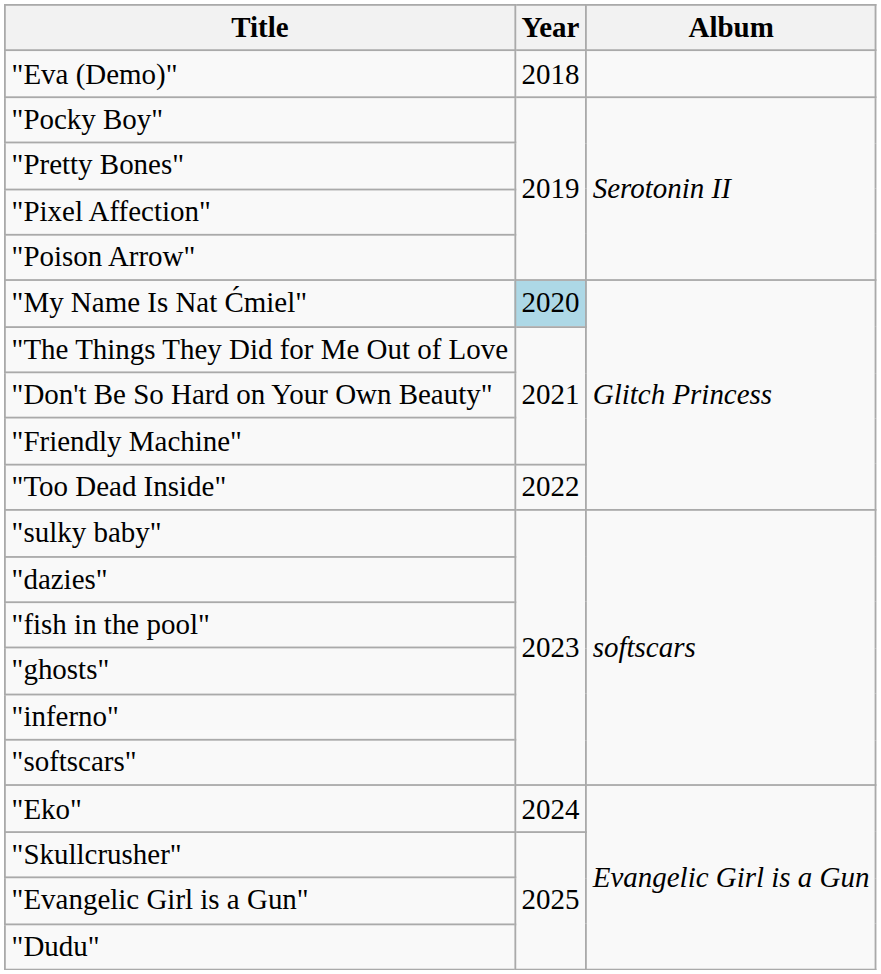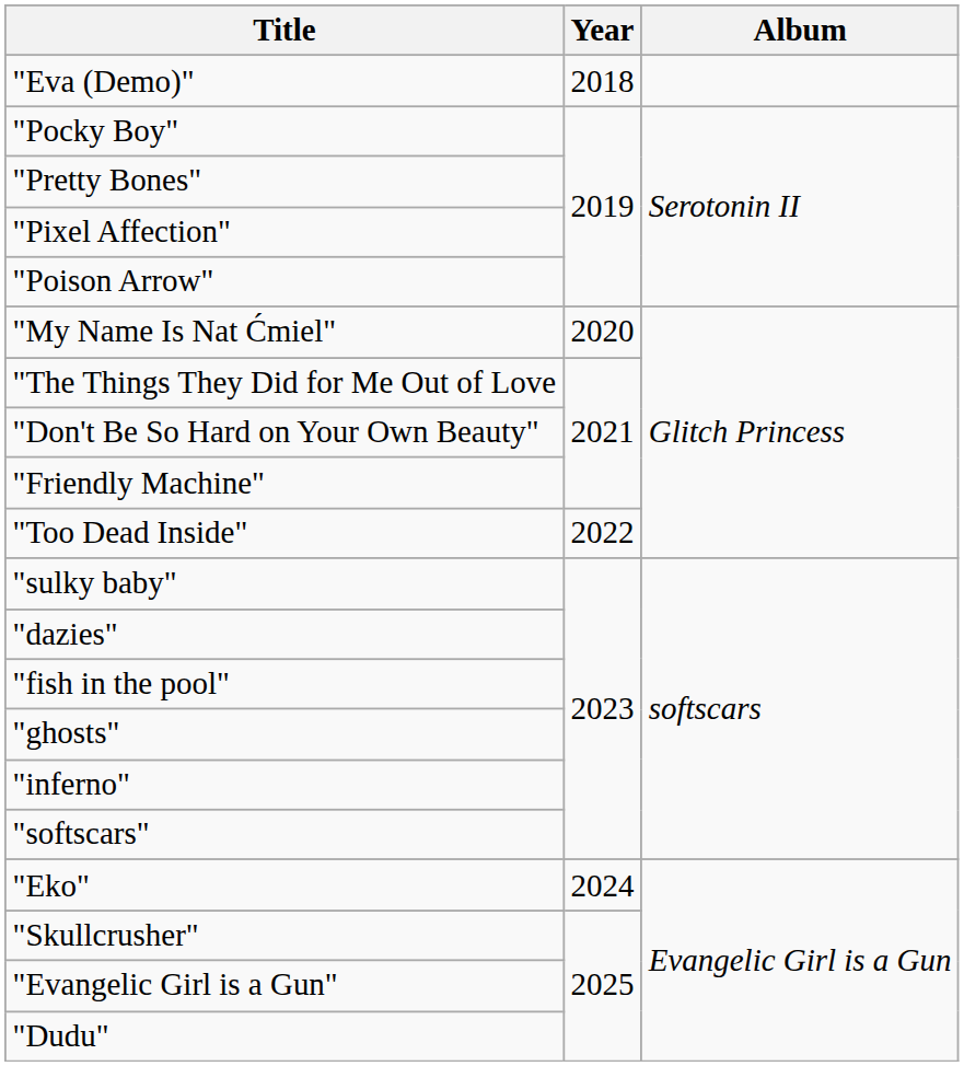 <table class="wikitable">
 <tr>
 <th>Title</th>
 <th>Year</th>
 <th>Album</th>
 </tr>
 <tr>
 <td>"Eva (Demo)"</td>
 <td>2018</td>
 <td></td>
 </tr>
 <tr>
 <td>"Pocky Boy"</td>
 <td rowspan="4">2019</td>
 <td rowspan="4"><em>Serotonin II</em></td>
 </tr>
 <tr>
 <td>"Pretty Bones"</td>
 </tr>
 <tr>
 <td>"Pixel Affection"</td>
 </tr>
 <tr>
 <td>"Poison Arrow"</td>
 </tr>
 <tr>
 <td>"My Name Is Nat Ćmiel"</td>
-<td style="background: lightblue;">2020</td>
+<td>2020</td>
 <td rowspan="5"><em>Glitch Princess</em></td>
 </tr>
 <tr>
 <td>"The Things They Did for Me Out of Love</td>
 <td rowspan="3">2021</td>
 </tr>
 <tr>
 <td>"Don't Be So Hard on Your Own Beauty"</td>
 </tr>
 <tr>
 <td>"Friendly Machine"</td>
 </tr>
 <tr>
 <td>"Too Dead Inside"</td>
 <td>2022</td>
 </tr>
 <tr>
 <td>"sulky baby"</td>
 <td rowspan="6">2023</td>
 <td rowspan="6"><em>softscars</em></td>
 </tr>
 <tr>
 <td>"dazies"</td>
 </tr>
 <tr>
 <td>"fish in the pool"</td>
 </tr>
 <tr>
 <td>"ghosts"</td>
 </tr>
 <tr>
 <td>"inferno"</td>
 </tr>
 <tr>
 <td>"softscars"</td>
 </tr>
 <tr>
 <td>"Eko"</td>
 <td>2024</td>
 <td rowspan="4"><em>Evangelic Girl is a Gun</em></td>
 </tr>
 <tr>
 <td>"Skullcrusher"</td>
 <td rowspan="3">2025</td>
 </tr>
 <tr>
 <td>"Evangelic Girl is a Gun"</td>
 </tr>
 <tr>
 <td>"Dudu"</td>
 </tr>
 </table>
